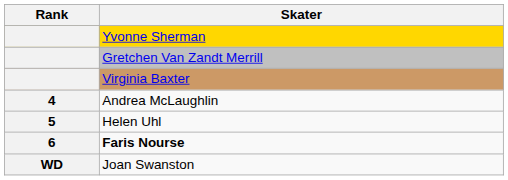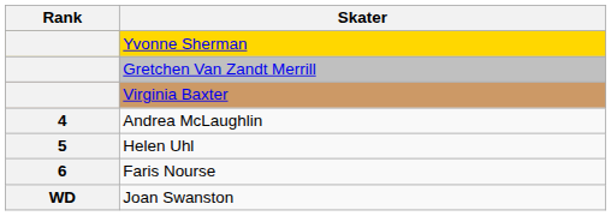 <table class="wikitable unsortable" style="text-align:left; width:30%">
 <tr>
 <th scope="col">Rank</th>
 <th scope="col">Skater</th>
 </tr>
 <tr bgcolor="gold">
 <th scope="row"></th>
 <td><a href='#'>Yvonne Sherman</a></td>
 </tr>
 <tr bgcolor="silver">
 <th scope="row"></th>
 <td><a href='#'>Gretchen Van Zandt Merrill</a></td>
 </tr>
 <tr bgcolor="cc9966">
 <th scope="row"></th>
 <td><a href='#'>Virginia Baxter</a></td>
 </tr>
 <tr>
 <th scope="row">4</th>
 <td>Andrea McLaughlin</td>
 </tr>
 <tr>
 <th scope="row">5</th>
 <td>Helen Uhl</td>
 </tr>
 <tr>
 <th scope="row">6</th>
-<td><strong>Faris Nourse</strong></td>
+<td>Faris Nourse</td>
 </tr>
 <tr>
 <th scope="row">WD</th>
 <td>Joan Swanston</td>
 </tr>
 </table>
